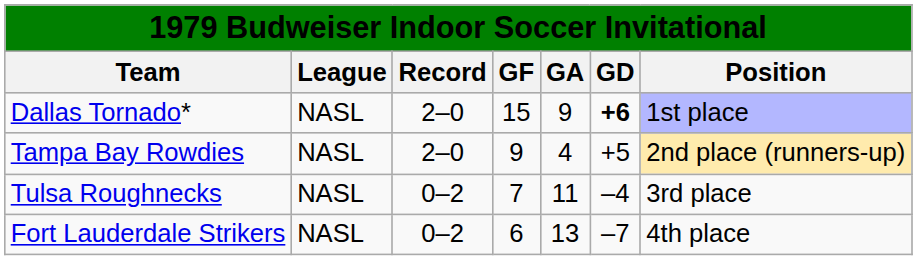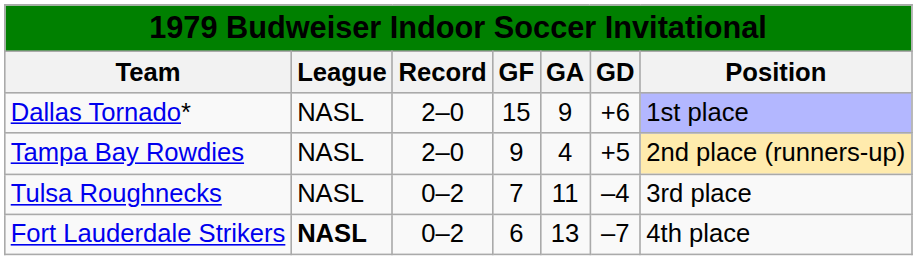 <table class="wikitable sortable">
 <tr>
 <th ! style="background:green" class="unsortable" colspan="7"><span><big> 1979 Budweiser Indoor Soccer Invitational </big></span></th>
 </tr>
 <tr>
 <th>Team</th>
 <th>League</th>
 <th>Record</th>
 <th>GF</th>
 <th>GA</th>
 <th>GD</th>
 <th>Position</th>
 </tr>
 <tr>
 <td><a href='#'>Dallas Tornado</a>*</td>
 <td>NASL</td>
 <td align=center>2–0</td>
 <td align=center>15</td>
 <td align=center>9</td>
-<td align=center><strong>+6</strong></td>
+<td align=center>+6</td>
 <td bgcolor="#B3B7FF">1st place</td>
 </tr>
 <tr>
 <td><a href='#'>Tampa Bay Rowdies</a></td>
 <td>NASL</td>
 <td align=center>2–0</td>
 <td align=center>9</td>
 <td align=center>4</td>
 <td align=center>+5</td>
 <td style="background:#ffebad;">2nd place (runners-up)</td>
 </tr>
 <tr>
 <td><a href='#'>Tulsa Roughnecks</a></td>
 <td>NASL</td>
 <td align=center>0–2</td>
 <td align=center>7</td>
 <td align=center>11</td>
 <td align=center>–4</td>
 <td>3rd place</td>
 </tr>
 <tr>
 <td><a href='#'>Fort Lauderdale Strikers</a></td>
-<td>NASL</td>
+<td><strong>NASL</strong></td>
 <td align=center>0–2</td>
 <td align=center>6</td>
 <td align=center>13</td>
 <td align=center>–7</td>
 <td>4th place</td>
 </tr>
 </table>
